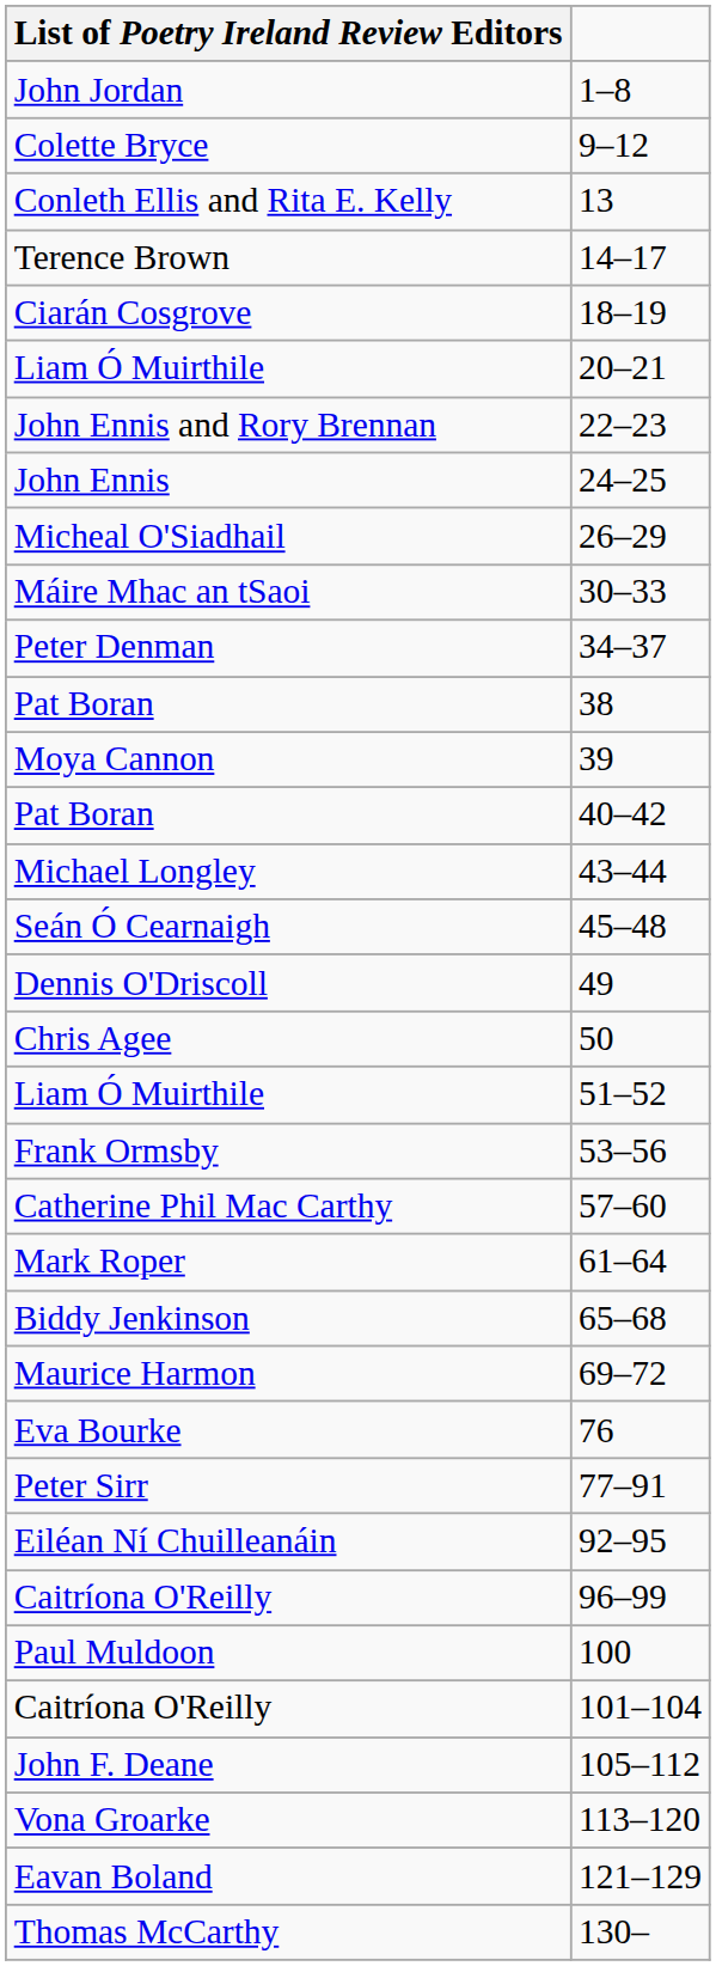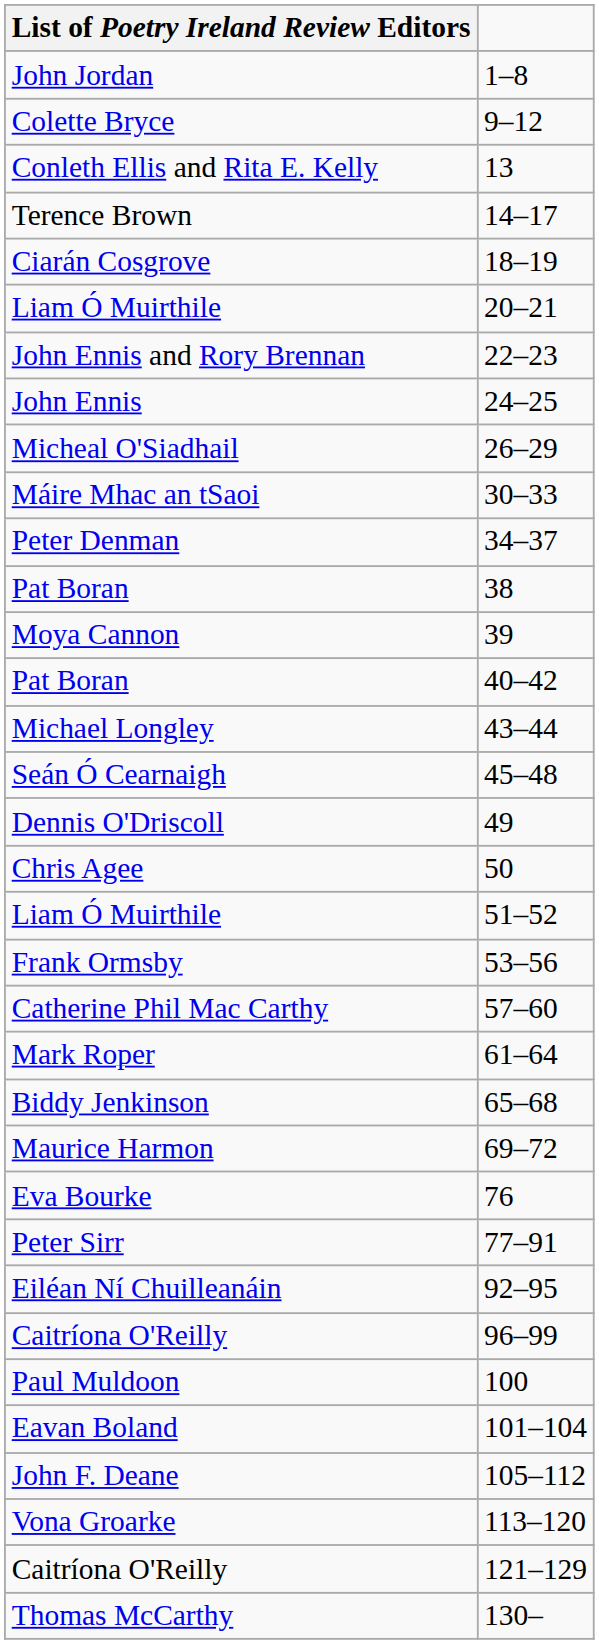 <table class="wikitable" border="1">
 <tr>
 <th>List of <em>Poetry Ireland Review</em> Editors</th>
 </tr>
 <tr>
 <td><a href='#'>John Jordan</a></td>
 <td>1–8</td>
 </tr>
 <tr>
 <td><a href='#'>Colette Bryce</a></td>
 <td>9–12</td>
 </tr>
 <tr>
 <td><a href='#'>Conleth Ellis</a> and <a href='#'>Rita E. Kelly</a></td>
 <td>13</td>
 </tr>
 <tr>
 <td>Terence Brown</td>
 <td>14–17</td>
 </tr>
 <tr>
 <td><a href='#'>Ciarán Cosgrove</a></td>
 <td>18–19</td>
 </tr>
 <tr>
 <td><a href='#'>Liam Ó Muirthile</a></td>
 <td>20–21</td>
 </tr>
 <tr>
 <td><a href='#'>John Ennis</a> and <a href='#'>Rory Brennan</a></td>
 <td>22–23</td>
 </tr>
 <tr>
 <td><a href='#'>John Ennis</a></td>
 <td>24–25</td>
 </tr>
 <tr>
 <td><a href='#'>Micheal O'Siadhail</a></td>
 <td>26–29</td>
 </tr>
 <tr>
 <td><a href='#'>Máire Mhac an tSaoi</a></td>
 <td>30–33</td>
 </tr>
 <tr>
 <td><a href='#'>Peter Denman</a></td>
 <td>34–37</td>
 </tr>
 <tr>
 <td><a href='#'>Pat Boran</a></td>
 <td>38</td>
 </tr>
 <tr>
 <td><a href='#'>Moya Cannon</a></td>
 <td>39</td>
 </tr>
 <tr>
 <td><a href='#'>Pat Boran</a></td>
 <td>40–42</td>
 </tr>
 <tr>
 <td><a href='#'>Michael Longley</a></td>
 <td>43–44</td>
 </tr>
 <tr>
 <td><a href='#'>Seán Ó Cearnaigh</a></td>
 <td>45–48</td>
 </tr>
 <tr>
 <td><a href='#'>Dennis O'Driscoll</a></td>
 <td>49</td>
 </tr>
 <tr>
 <td><a href='#'>Chris Agee</a></td>
 <td>50</td>
 </tr>
 <tr>
 <td><a href='#'>Liam Ó Muirthile</a></td>
 <td>51–52</td>
 </tr>
 <tr>
 <td><a href='#'>Frank Ormsby</a></td>
 <td>53–56</td>
 </tr>
 <tr>
 <td><a href='#'>Catherine Phil Mac Carthy</a></td>
 <td>57–60</td>
 </tr>
 <tr>
 <td><a href='#'>Mark Roper</a></td>
 <td>61–64</td>
 </tr>
 <tr>
 <td><a href='#'>Biddy Jenkinson</a></td>
 <td>65–68</td>
 </tr>
 <tr>
 <td><a href='#'>Maurice Harmon</a></td>
 <td>69–72</td>
 </tr>
 <tr>
 <td><a href='#'>Eva Bourke</a></td>
 <td>76</td>
 </tr>
 <tr>
 <td><a href='#'>Peter Sirr</a></td>
 <td>77–91</td>
 </tr>
 <tr>
 <td><a href='#'>Eiléan Ní Chuilleanáin</a></td>
 <td>92–95</td>
 </tr>
 <tr>
 <td><a href='#'>Caitríona O'Reilly</a></td>
 <td>96–99</td>
 </tr>
 <tr>
 <td><a href='#'>Paul Muldoon</a></td>
 <td>100</td>
 </tr>
 <tr>
-<td>Caitríona O'Reilly</td>
+<td><a href='#'>Eavan Boland</a></td>
 <td>101–104</td>
 </tr>
 <tr>
 <td><a href='#'>John F. Deane</a></td>
 <td>105–112</td>
 </tr>
 <tr>
 <td><a href='#'>Vona Groarke</a></td>
 <td>113–120</td>
 </tr>
 <tr>
-<td><a href='#'>Eavan Boland</a></td>
+<td>Caitríona O'Reilly</td>
 <td>121–129</td>
 </tr>
 <tr>
 <td><a href='#'>Thomas McCarthy</a></td>
 <td>130–</td>
 </tr>
 </table>
